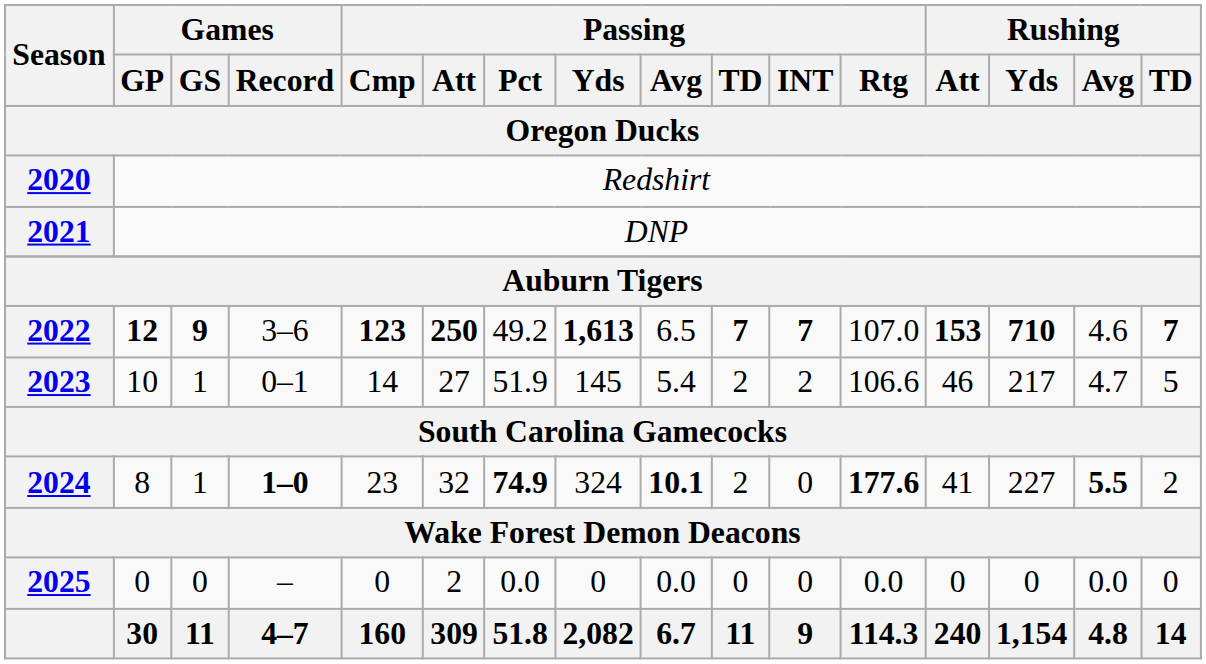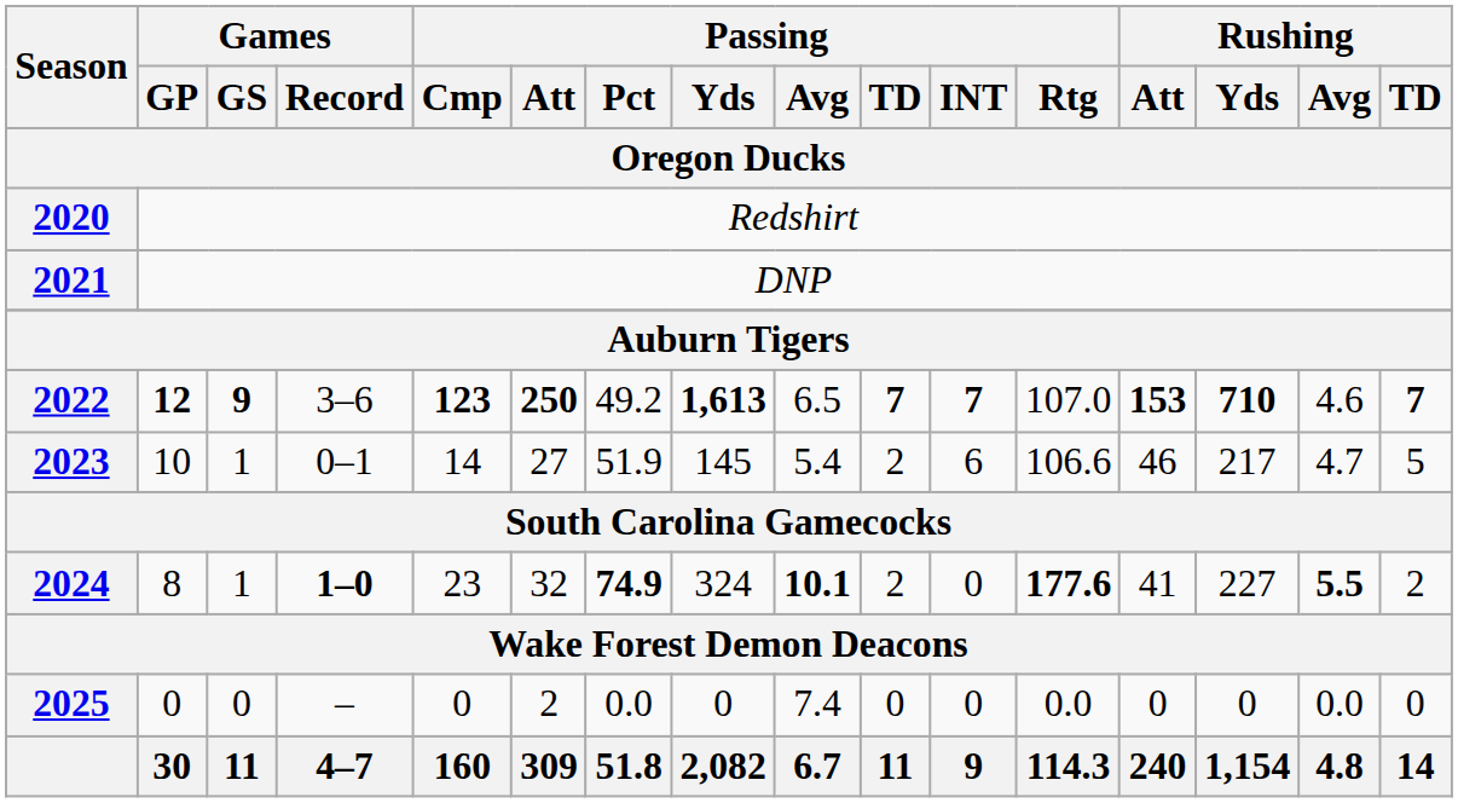 <table class="wikitable" style="text-align:center;">
 <tr>
 <th rowspan="2">Season</th>
 <th colspan="3">Games</th>
 <th colspan="8">Passing</th>
 <th colspan="4">Rushing</th>
 </tr>
 <tr>
 <th>GP</th>
 <th>GS</th>
 <th>Record</th>
 <th>Cmp</th>
 <th>Att</th>
 <th>Pct</th>
 <th>Yds</th>
 <th>Avg</th>
 <th>TD</th>
 <th>INT</th>
 <th>Rtg</th>
 <th>Att</th>
 <th>Yds</th>
 <th>Avg</th>
 <th>TD</th>
 </tr>
 <tr>
 <th colspan="16">Oregon Ducks</th>
 </tr>
 <tr>
 <th><a href='#'>2020</a></th>
 <td colspan="16"><em>Redshirt </em></td>
 </tr>
 <tr>
 <th><a href='#'>2021</a></th>
 <td colspan="16"><em>DNP</em></td>
 </tr>
 <tr>
 </tr>
 <tr>
 <th colspan="16">Auburn Tigers</th>
 </tr>
 <tr>
 <th><a href='#'>2022</a></th>
 <td><strong>12</strong></td>
 <td><strong>9</strong></td>
 <td>3–6</td>
 <td><strong>123</strong></td>
 <td><strong>250</strong></td>
 <td>49.2</td>
 <td><strong>1,613</strong></td>
 <td>6.5</td>
 <td><strong>7</strong></td>
 <td><strong>7</strong></td>
 <td>107.0</td>
 <td><strong>153</strong></td>
 <td><strong>710</strong></td>
 <td>4.6</td>
 <td><strong>7</strong></td>
 </tr>
 <tr>
 <th><a href='#'>2023</a></th>
 <td>10</td>
 <td>1</td>
 <td>0–1</td>
 <td>14</td>
 <td>27</td>
 <td>51.9</td>
 <td>145</td>
 <td>5.4</td>
 <td>2</td>
-<td>2</td>
+<td>6</td>
 <td>106.6</td>
 <td>46</td>
 <td>217</td>
 <td>4.7</td>
 <td>5</td>
 </tr>
 <tr>
 <th colspan="16">South Carolina Gamecocks</th>
 </tr>
 <tr>
 <th><a href='#'>2024</a></th>
 <td>8</td>
 <td>1</td>
 <td><strong>1–0</strong></td>
 <td>23</td>
 <td>32</td>
 <td><strong>74.9</strong></td>
 <td>324</td>
 <td><strong>10.1</strong></td>
 <td>2</td>
 <td>0</td>
 <td><strong>177.6</strong></td>
 <td>41</td>
 <td>227</td>
 <td><strong>5.5</strong></td>
 <td>2</td>
 </tr>
 <tr>
 <th colspan="16">Wake Forest Demon Deacons</th>
 </tr>
 <tr>
 <th><a href='#'>2025</a></th>
 <td>0</td>
 <td>0</td>
 <td>–</td>
 <td>0</td>
 <td>2</td>
 <td>0.0</td>
 <td>0</td>
-<td>0.0</td>
+<td>7.4</td>
 <td>0</td>
 <td>0</td>
 <td>0.0</td>
 <td>0</td>
 <td>0</td>
 <td>0.0</td>
 <td>0</td>
 </tr>
 <tr>
 <th></th>
 <th>30</th>
 <th>11</th>
 <th>4–7</th>
 <th>160</th>
 <th>309</th>
 <th>51.8</th>
 <th>2,082</th>
 <th>6.7</th>
 <th>11</th>
 <th>9</th>
 <th>114.3</th>
 <th>240</th>
 <th>1,154</th>
 <th>4.8</th>
 <th>14</th>
 </tr>
 </table>
